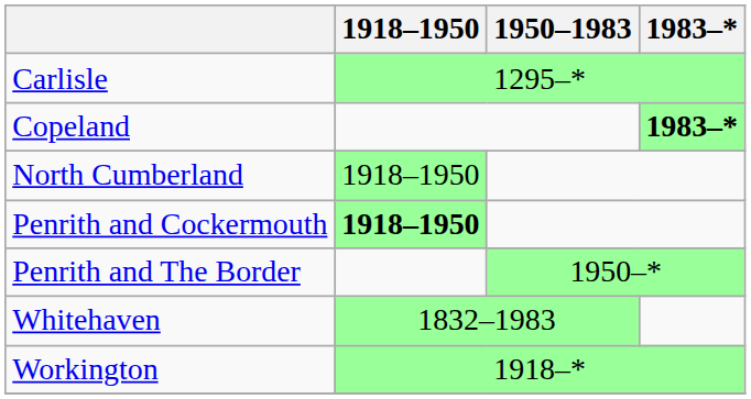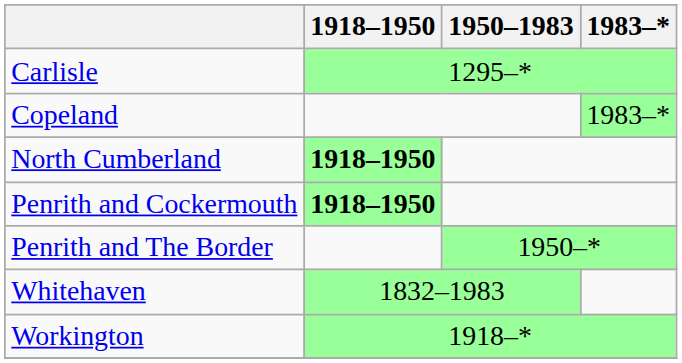 <table class="wikitable">
 <tr>
 <th> </th>
 <th>1918–1950</th>
 <th>1950–1983</th>
 <th>1983–*</th>
 </tr>
 <tr>
 <td><a href='#'>Carlisle</a></td>
 <td colspan="3" align="center" bgcolor="#99FF99">1295–*</td>
 </tr>
 <tr>
 <td><a href='#'>Copeland</a></td>
 <td colspan="2"> </td>
-<td colspan="1" align="center" bgcolor="#99FF99"><strong>1983–*</strong></td>
+<td colspan="1" align="center" bgcolor="#99FF99">1983–*</td>
 </tr>
 <tr>
 <td><a href='#'>North Cumberland</a></td>
-<td colspan="1" align="center" bgcolor="#99FF99">1918–1950</td>
+<td colspan="1" align="center" bgcolor="#99FF99"><strong>1918–1950</strong></td>
 <td colspan="2"> </td>
 </tr>
 <tr>
 <td><a href='#'>Penrith and Cockermouth</a></td>
 <td colspan="1" align="center" bgcolor="#99FF99"><strong>1918–1950</strong></td>
 <td colspan="2"> </td>
 </tr>
 <tr>
 <td><a href='#'>Penrith and The Border</a></td>
 <td colspan="1"> </td>
 <td colspan="2" align="center" bgcolor="#99FF99">1950–*</td>
 </tr>
 <tr>
 <td><a href='#'>Whitehaven</a></td>
 <td colspan="2" align="center" bgcolor="#99FF99">1832–1983</td>
 <td colspan="1"> </td>
 </tr>
 <tr>
 <td><a href='#'>Workington</a></td>
 <td colspan="3" align="center" bgcolor="#99FF99">1918–*</td>
 </tr>
 <tr>
 </tr>
 </table>
